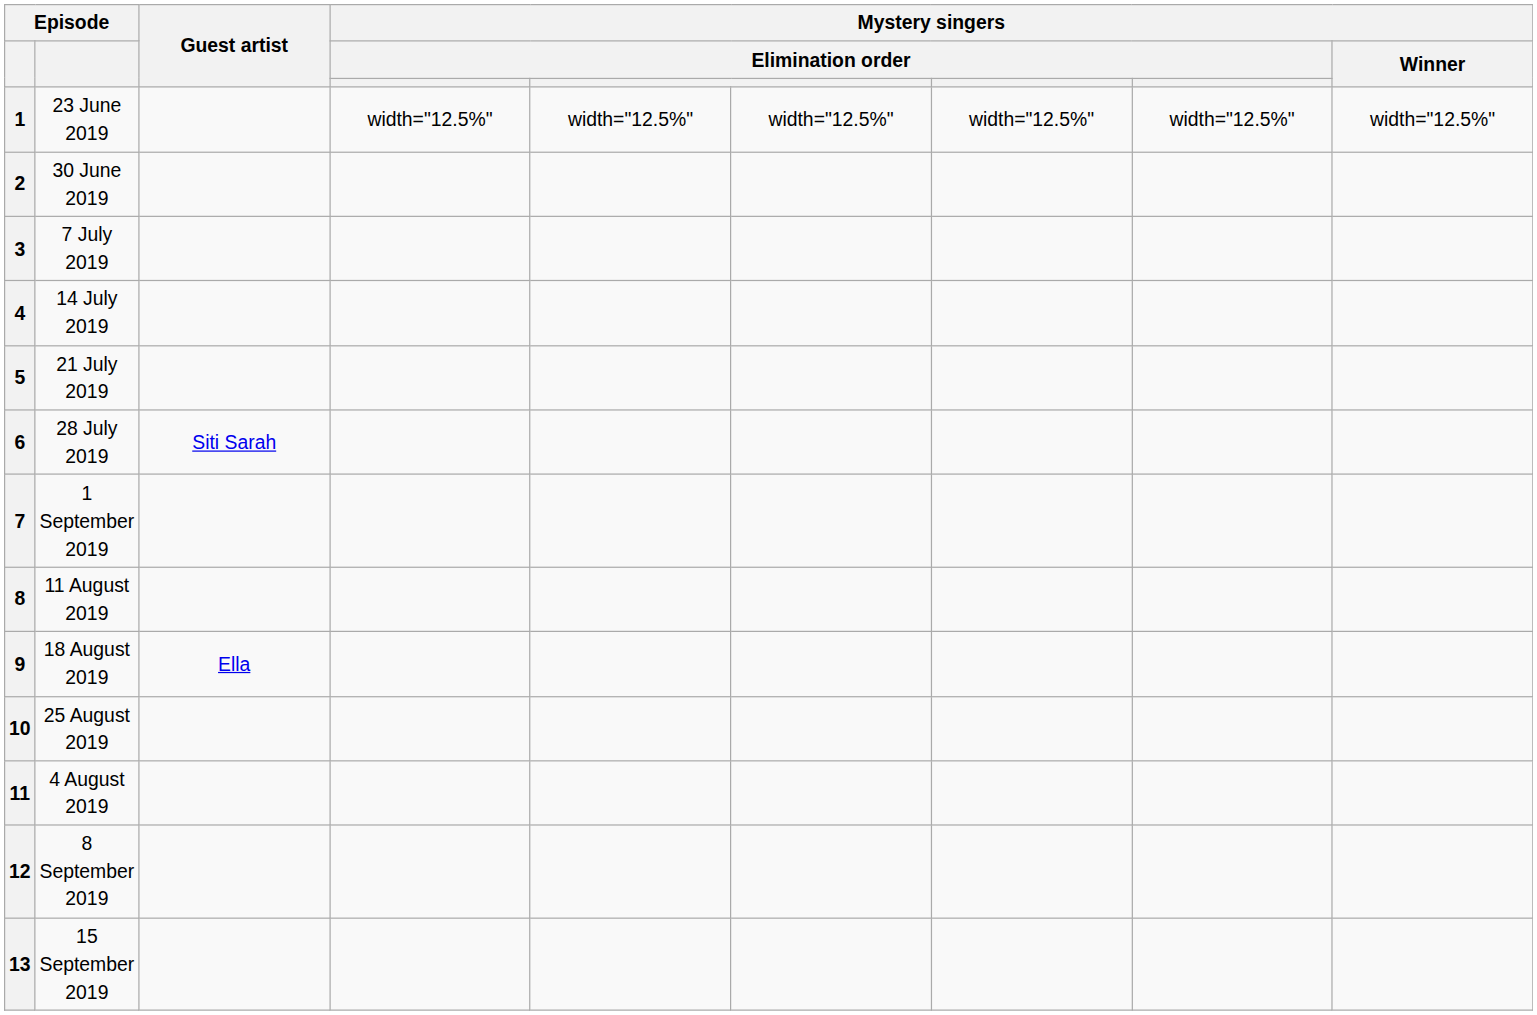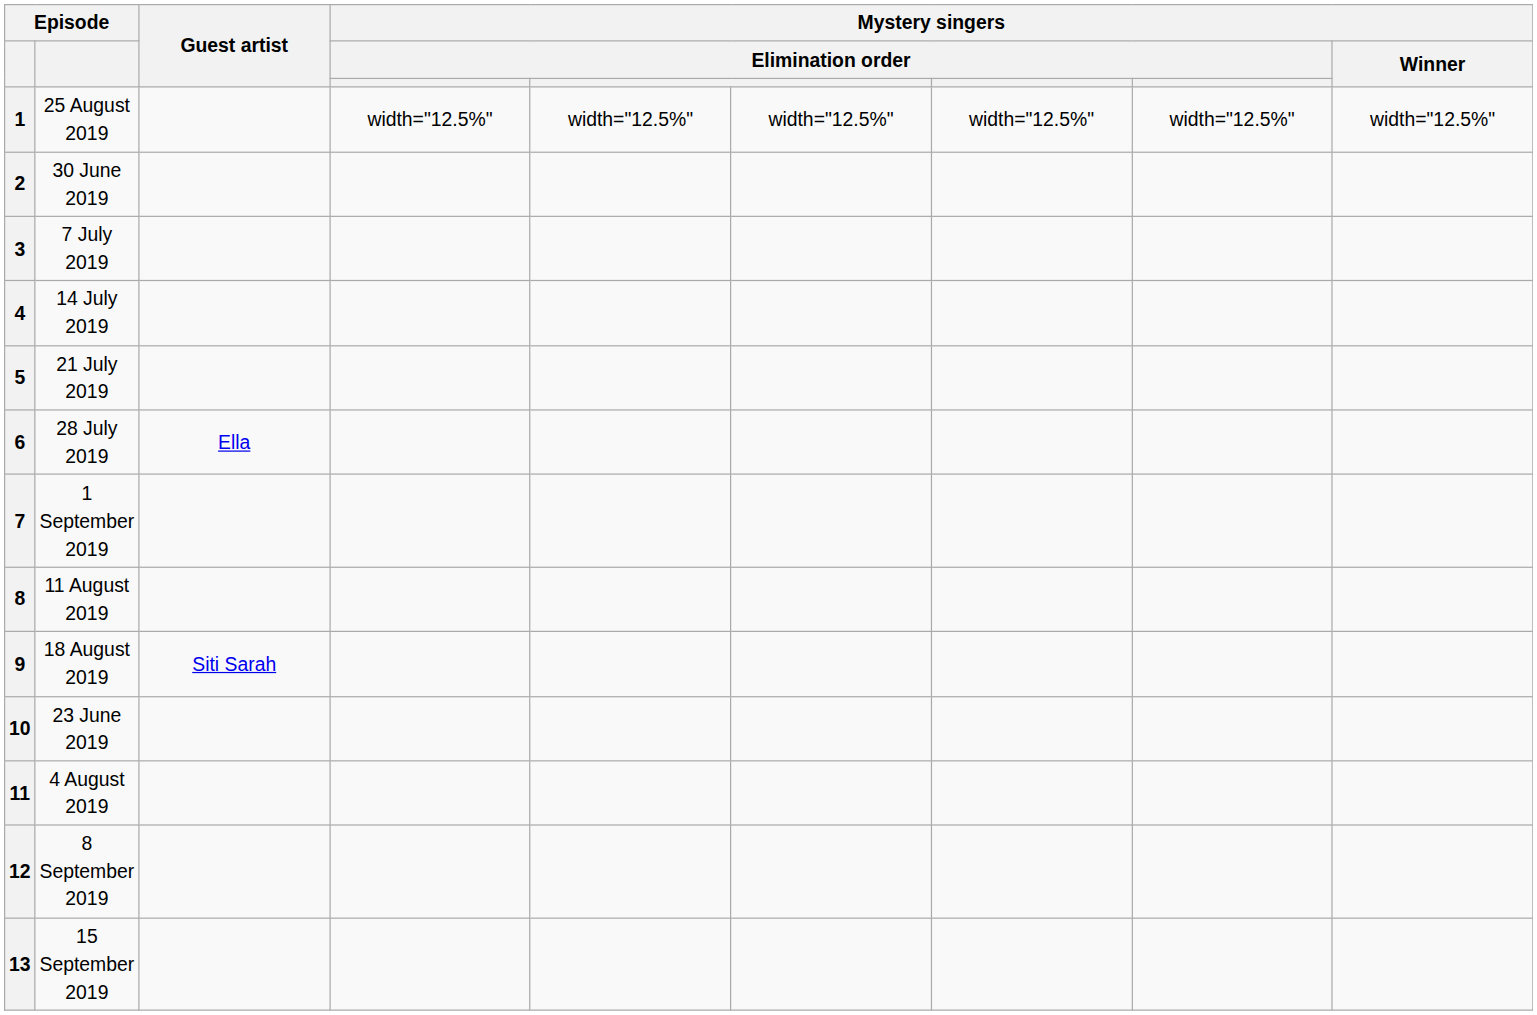 <table class="wikitable plainrowheaders mw-collapsible" style="text-align:center; line-height:23px; width:100%;">
 <tr>
 <th colspan="2" width="1%">Episode</th>
 <th rowspan="3" width="12.5%">Guest artist</th>
 <th colspan="6">Mystery singers<br></th>
 </tr>
 <tr>
 <th rowspan="2"></th>
 <th rowspan="2"></th>
 <th colspan="5">Elimination order</th>
 <th rowspan="2">Winner</th>
 </tr>
 <tr>
 <th></th>
 <th colspan="2"></th>
 <th></th>
 <th></th>
 </tr>
 <tr>
 <th>1</th>
-<td>23 June 2019</td>
+<td>25 August 2019</td>
 <td></td>
 <td>width="12.5%" </td>
 <td>width="12.5%" </td>
 <td>width="12.5%" </td>
 <td>width="12.5%" </td>
 <td>width="12.5%" </td>
 <td>width="12.5%" </td>
 </tr>
 <tr>
 <th>2</th>
 <td>30 June 2019</td>
 <td><br></td>
 <td></td>
 <td></td>
 <td></td>
 <td></td>
 <td></td>
 <td></td>
 </tr>
 <tr>
 <th>3</th>
 <td>7 July 2019</td>
 <td><br></td>
 <td></td>
 <td></td>
 <td></td>
 <td></td>
 <td></td>
 <td></td>
 </tr>
 <tr>
 <th>4</th>
 <td>14 July 2019</td>
 <td></td>
 <td></td>
 <td></td>
 <td></td>
 <td></td>
 <td></td>
 <td></td>
 </tr>
 <tr>
 <th>5</th>
 <td>21 July 2019</td>
 <td></td>
 <td></td>
 <td></td>
 <td></td>
 <td></td>
 <td></td>
 <td></td>
 </tr>
 <tr>
 <th>6</th>
 <td>28 July 2019</td>
-<td><a href='#'>Siti Sarah</a></td>
+<td><a href='#'>Ella</a></td>
 <td></td>
 <td></td>
 <td></td>
 <td></td>
 <td></td>
 <td></td>
 </tr>
 <tr>
 <th>7</th>
 <td>1 September 2019</td>
 <td><br></td>
 <td></td>
 <td></td>
 <td></td>
 <td></td>
 <td></td>
 <td></td>
 </tr>
 <tr>
 <th>8</th>
 <td>11 August 2019</td>
 <td></td>
 <td></td>
 <td></td>
 <td></td>
 <td></td>
 <td></td>
 <td></td>
 </tr>
 <tr>
 <th>9</th>
 <td>18 August 2019</td>
-<td><a href='#'>Ella</a></td>
+<td><a href='#'>Siti Sarah</a></td>
 <td></td>
 <td></td>
 <td></td>
 <td></td>
 <td></td>
 <td></td>
 </tr>
 <tr>
 <th>10</th>
-<td>25 August 2019</td>
+<td>23 June 2019</td>
 <td><br></td>
 <td></td>
 <td></td>
 <td></td>
 <td></td>
 <td></td>
 <td></td>
 </tr>
 <tr>
 <th>11</th>
 <td>4 August 2019</td>
 <td><br></td>
 <td></td>
 <td></td>
 <td></td>
 <td></td>
 <td></td>
 <td></td>
 </tr>
 <tr>
 <th>12</th>
 <td>8 September 2019</td>
 <td></td>
 <td></td>
 <td></td>
 <td></td>
 <td></td>
 <td></td>
 <td></td>
 </tr>
 <tr>
 <th>13</th>
 <td>15 September 2019</td>
 <td></td>
 <td></td>
 <td></td>
 <td></td>
 <td></td>
 <td></td>
 <td></td>
 </tr>
 </table>
